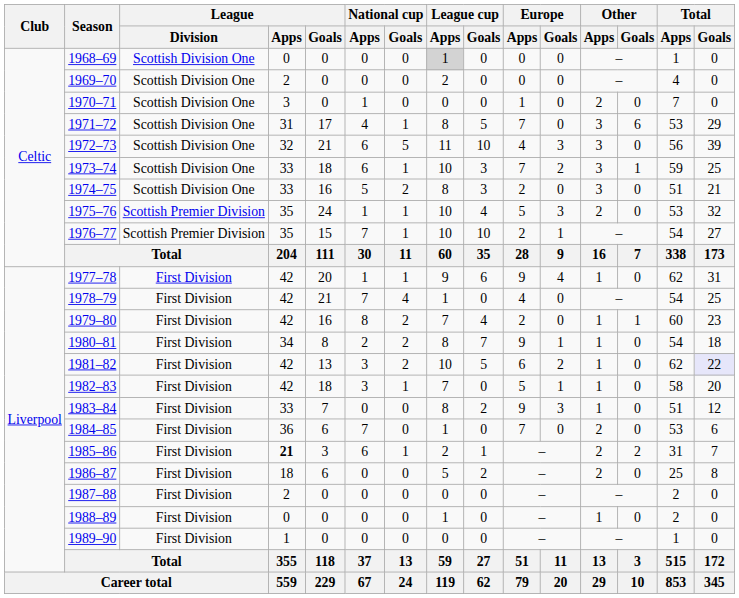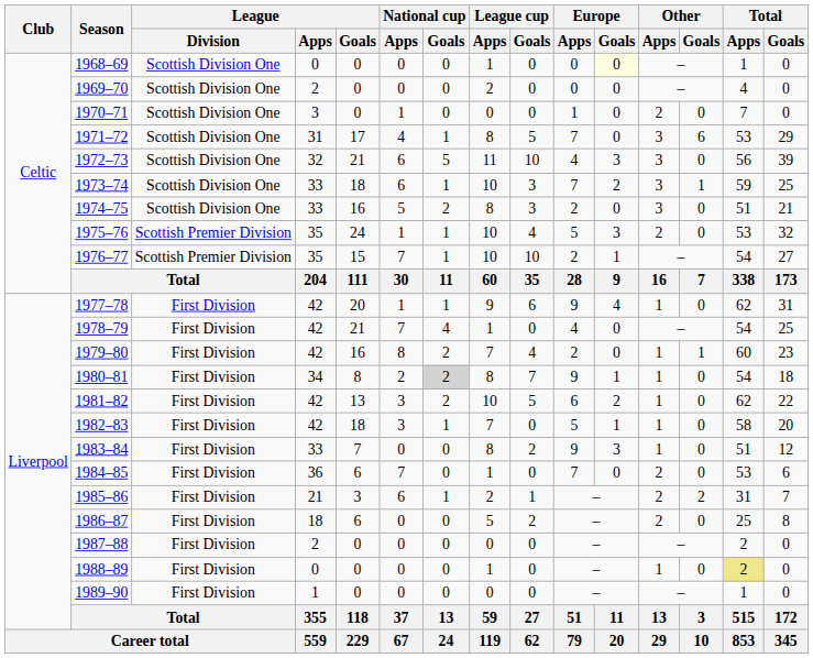 <table class=wikitable style="text-align: center;">
 <tr>
 <th rowspan="2">Club</th>
 <th rowspan="2">Season</th>
 <th colspan="3">League</th>
 <th colspan="2">National cup</th>
 <th colspan="2">League cup</th>
 <th colspan="2">Europe</th>
 <th colspan="2">Other</th>
 <th colspan="2">Total</th>
 </tr>
 <tr>
 <th>Division</th>
 <th>Apps</th>
 <th>Goals</th>
 <th>Apps</th>
 <th>Goals</th>
 <th>Apps</th>
 <th>Goals</th>
 <th>Apps</th>
 <th>Goals</th>
 <th>Apps</th>
 <th>Goals</th>
 <th>Apps</th>
 <th>Goals</th>
 </tr>
 <tr>
 <td rowspan="10"><a href='#'>Celtic</a></td>
 <td><a href='#'>1968–69</a></td>
 <td><a href='#'>Scottish Division One</a></td>
 <td>0</td>
 <td>0</td>
 <td>0</td>
 <td>0</td>
-<td style="background: lightgrey;">1</td>
+<td>1</td>
 <td>0</td>
 <td>0</td>
-<td>0</td>
+<td style="background: lightyellow;">0</td>
 <td colspan="2">–</td>
 <td>1</td>
 <td>0</td>
 </tr>
 <tr>
 <td><a href='#'>1969–70</a></td>
 <td>Scottish Division One</td>
 <td>2</td>
 <td>0</td>
 <td>0</td>
 <td>0</td>
 <td>2</td>
 <td>0</td>
 <td>0</td>
 <td>0</td>
 <td colspan="2">–</td>
 <td>4</td>
 <td>0</td>
 </tr>
 <tr>
 <td><a href='#'>1970–71</a></td>
 <td>Scottish Division One</td>
 <td>3</td>
 <td>0</td>
 <td>1</td>
 <td>0</td>
 <td>0</td>
 <td>0</td>
 <td>1</td>
 <td>0</td>
 <td>2</td>
 <td>0</td>
 <td>7</td>
 <td>0</td>
 </tr>
 <tr>
 <td><a href='#'>1971–72</a></td>
 <td>Scottish Division One</td>
 <td>31</td>
 <td>17</td>
 <td>4</td>
 <td>1</td>
 <td>8</td>
 <td>5</td>
 <td>7</td>
 <td>0</td>
 <td>3</td>
 <td>6</td>
 <td>53</td>
 <td>29</td>
 </tr>
 <tr>
 <td><a href='#'>1972–73</a></td>
 <td>Scottish Division One</td>
 <td>32</td>
 <td>21</td>
 <td>6</td>
 <td>5</td>
 <td>11</td>
 <td>10</td>
 <td>4</td>
 <td>3</td>
 <td>3</td>
 <td>0</td>
 <td>56</td>
 <td>39</td>
 </tr>
 <tr>
 <td><a href='#'>1973–74</a></td>
 <td>Scottish Division One</td>
 <td>33</td>
 <td>18</td>
 <td>6</td>
 <td>1</td>
 <td>10</td>
 <td>3</td>
 <td>7</td>
 <td>2</td>
 <td>3</td>
 <td>1</td>
 <td>59</td>
 <td>25</td>
 </tr>
 <tr>
 <td><a href='#'>1974–75</a></td>
 <td>Scottish Division One</td>
 <td>33</td>
 <td>16</td>
 <td>5</td>
 <td>2</td>
 <td>8</td>
 <td>3</td>
 <td>2</td>
 <td>0</td>
 <td>3</td>
 <td>0</td>
 <td>51</td>
 <td>21</td>
 </tr>
 <tr>
 <td><a href='#'>1975–76</a></td>
 <td><a href='#'>Scottish Premier Division</a></td>
 <td>35</td>
 <td>24</td>
 <td>1</td>
 <td>1</td>
 <td>10</td>
 <td>4</td>
 <td>5</td>
 <td>3</td>
 <td>2</td>
 <td>0</td>
 <td>53</td>
 <td>32</td>
 </tr>
 <tr>
 <td><a href='#'>1976–77</a></td>
 <td>Scottish Premier Division</td>
 <td>35</td>
 <td>15</td>
 <td>7</td>
 <td>1</td>
 <td>10</td>
 <td>10</td>
 <td>2</td>
 <td>1</td>
 <td colspan="2">–</td>
 <td>54</td>
 <td>27</td>
 </tr>
 <tr>
 <th colspan="2">Total</th>
 <th>204</th>
 <th>111</th>
 <th>30</th>
 <th>11</th>
 <th>60</th>
 <th>35</th>
 <th>28</th>
 <th>9</th>
 <th>16</th>
 <th>7</th>
 <th>338</th>
 <th>173</th>
 </tr>
 <tr>
 <td rowspan="14"><a href='#'>Liverpool</a></td>
 <td><a href='#'>1977–78</a></td>
 <td><a href='#'>First Division</a></td>
 <td>42</td>
 <td>20</td>
 <td>1</td>
 <td>1</td>
 <td>9</td>
 <td>6</td>
 <td>9</td>
 <td>4</td>
 <td>1</td>
 <td>0</td>
 <td>62</td>
 <td>31</td>
 </tr>
 <tr>
 <td><a href='#'>1978–79</a></td>
 <td>First Division</td>
 <td>42</td>
 <td>21</td>
 <td>7</td>
 <td>4</td>
 <td>1</td>
 <td>0</td>
 <td>4</td>
 <td>0</td>
 <td colspan="2">–</td>
 <td>54</td>
 <td>25</td>
 </tr>
 <tr>
 <td><a href='#'>1979–80</a></td>
 <td>First Division</td>
 <td>42</td>
 <td>16</td>
 <td>8</td>
 <td>2</td>
 <td>7</td>
 <td>4</td>
 <td>2</td>
 <td>0</td>
 <td>1</td>
 <td>1</td>
 <td>60</td>
 <td>23</td>
 </tr>
 <tr>
 <td><a href='#'>1980–81</a></td>
 <td>First Division</td>
 <td>34</td>
 <td>8</td>
 <td>2</td>
-<td>2</td>
+<td style="background: lightgrey;">2</td>
 <td>8</td>
 <td>7</td>
 <td>9</td>
 <td>1</td>
 <td>1</td>
 <td>0</td>
 <td>54</td>
 <td>18</td>
 </tr>
 <tr>
 <td><a href='#'>1981–82</a></td>
 <td>First Division</td>
 <td>42</td>
 <td>13</td>
 <td>3</td>
 <td>2</td>
 <td>10</td>
 <td>5</td>
 <td>6</td>
 <td>2</td>
 <td>1</td>
 <td>0</td>
 <td>62</td>
-<td style="background: lavender;">22</td>
+<td>22</td>
 </tr>
 <tr>
 <td><a href='#'>1982–83</a></td>
 <td>First Division</td>
 <td>42</td>
 <td>18</td>
 <td>3</td>
 <td>1</td>
 <td>7</td>
 <td>0</td>
 <td>5</td>
 <td>1</td>
 <td>1</td>
 <td>0</td>
 <td>58</td>
 <td>20</td>
 </tr>
 <tr>
 <td><a href='#'>1983–84</a></td>
 <td>First Division</td>
 <td>33</td>
 <td>7</td>
 <td>0</td>
 <td>0</td>
 <td>8</td>
 <td>2</td>
 <td>9</td>
 <td>3</td>
 <td>1</td>
 <td>0</td>
 <td>51</td>
 <td>12</td>
 </tr>
 <tr>
 <td><a href='#'>1984–85</a></td>
 <td>First Division</td>
 <td>36</td>
 <td>6</td>
 <td>7</td>
 <td>0</td>
 <td>1</td>
 <td>0</td>
 <td>7</td>
 <td>0</td>
 <td>2</td>
 <td>0</td>
 <td>53</td>
 <td>6</td>
 </tr>
 <tr>
 <td><a href='#'>1985–86</a></td>
 <td>First Division</td>
-<td><strong>21</strong></td>
+<td>21</td>
 <td>3</td>
 <td>6</td>
 <td>1</td>
 <td>2</td>
 <td>1</td>
 <td colspan="2">–</td>
 <td>2</td>
 <td>2</td>
 <td>31</td>
 <td>7</td>
 </tr>
 <tr>
 <td><a href='#'>1986–87</a></td>
 <td>First Division</td>
 <td>18</td>
 <td>6</td>
 <td>0</td>
 <td>0</td>
 <td>5</td>
 <td>2</td>
 <td colspan="2">–</td>
 <td>2</td>
 <td>0</td>
 <td>25</td>
 <td>8</td>
 </tr>
 <tr>
 <td><a href='#'>1987–88</a></td>
 <td>First Division</td>
 <td>2</td>
 <td>0</td>
 <td>0</td>
 <td>0</td>
 <td>0</td>
 <td>0</td>
 <td colspan="2">–</td>
 <td colspan="2">–</td>
 <td>2</td>
 <td>0</td>
 </tr>
 <tr>
 <td><a href='#'>1988–89</a></td>
 <td>First Division</td>
 <td>0</td>
 <td>0</td>
 <td>0</td>
 <td>0</td>
 <td>1</td>
 <td>0</td>
 <td colspan="2">–</td>
 <td>1</td>
 <td>0</td>
-<td>2</td>
+<td style="background: khaki;">2</td>
 <td>0</td>
 </tr>
 <tr>
 <td><a href='#'>1989–90</a></td>
 <td>First Division</td>
 <td>1</td>
 <td>0</td>
 <td>0</td>
 <td>0</td>
 <td>0</td>
 <td>0</td>
 <td colspan="2">–</td>
 <td colspan="2">–</td>
 <td>1</td>
 <td>0</td>
 </tr>
 <tr>
 <th colspan="2">Total</th>
 <th>355</th>
 <th>118</th>
 <th>37</th>
 <th>13</th>
 <th>59</th>
 <th>27</th>
 <th>51</th>
 <th>11</th>
 <th>13</th>
 <th>3</th>
 <th>515</th>
 <th>172</th>
 </tr>
 <tr>
 <th colspan="3">Career total</th>
 <th>559</th>
 <th>229</th>
 <th>67</th>
 <th>24</th>
 <th>119</th>
 <th>62</th>
 <th>79</th>
 <th>20</th>
 <th>29</th>
 <th>10</th>
 <th>853</th>
 <th>345</th>
 </tr>
 </table>
